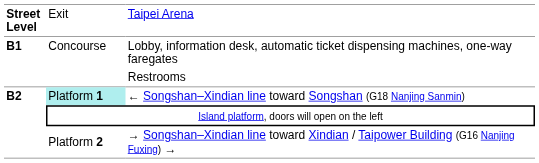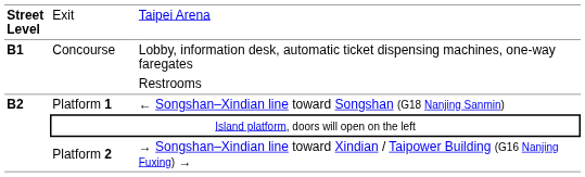 <table table border=0 cellspacing=0 cellpadding=3>
 <tr>
 <td style="border-bottom:solid 1px gray;border-top:solid 1px gray;" width=50 valign=top><strong>Street Level</strong></td>
 <td style="border-top:solid 1px gray;border-bottom:solid 1px gray;" width=100 valign=top>Exit</td>
 <td style="border-top:solid 1px gray;border-bottom:solid 1px gray;" width=540 valign=top><a href='#'>Taipei Arena</a></td>
 </tr>
 <tr>
 <td style="border-bottom:solid 1px gray;" rowspan=2 valign=top><strong>B1</strong></td>
 <td style="border-bottom:solid 1px gray;" rowspan=2 valign=top>Concourse</td>
 <td width=390>Lobby, information desk, automatic ticket dispensing machines, one-way faregates</td>
 </tr>
 <tr>
 <td style="border-bottom:solid 1px gray;">Restrooms</td>
 </tr>
 <tr>
 <td style="border-bottom:solid 1px gray;" rowspan=3 valign=top><strong>B2</strong></td>
-<td style="background: paleturquoise;">Platform <span><strong>1</strong></span></td>
+<td>Platform <span><strong>1</strong></span></td>
 <td>←  <a href='#'>Songshan–Xindian line</a> toward <a href='#'>Songshan</a> <small>(G18 <a href='#'>Nanjing Sanmin</a>)</small></td>
 </tr>
 <tr>
 <td style="border-top:solid 2px black;border-right:solid 2px black;border-left:solid 2px black;border-bottom:solid 2px black;text-align:center;" colspan=2><small><a href='#'>Island platform</a>, doors will open on the left</small></td>
 </tr>
 <tr>
 <td style="border-bottom:solid 1px gray;">Platform <span><strong>2</strong></span></td>
 <td style="border-bottom:solid 1px gray;"><span>→</span>  <a href='#'>Songshan–Xindian line</a> toward <a href='#'>Xindian</a> / <a href='#'>Taipower Building</a> <small>(G16 <a href='#'>Nanjing Fuxing</a>)</small> →</td>
 </tr>
 </table>
